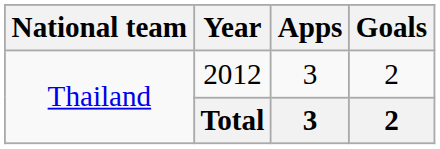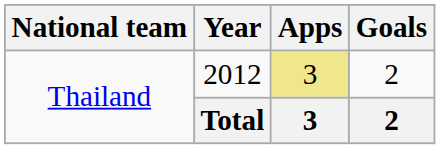 <table class="wikitable" style="text-align:center">
 <tr>
 <th>National team</th>
 <th>Year</th>
 <th>Apps</th>
 <th>Goals</th>
 </tr>
 <tr>
 <td rowspan="2" valign="center"><a href='#'>Thailand</a></td>
 <td>2012</td>
-<td>3</td>
+<td style="background: khaki;">3</td>
 <td>2</td>
 </tr>
 <tr>
 <th>Total</th>
 <th>3</th>
 <th>2</th>
 </tr>
 </table>
